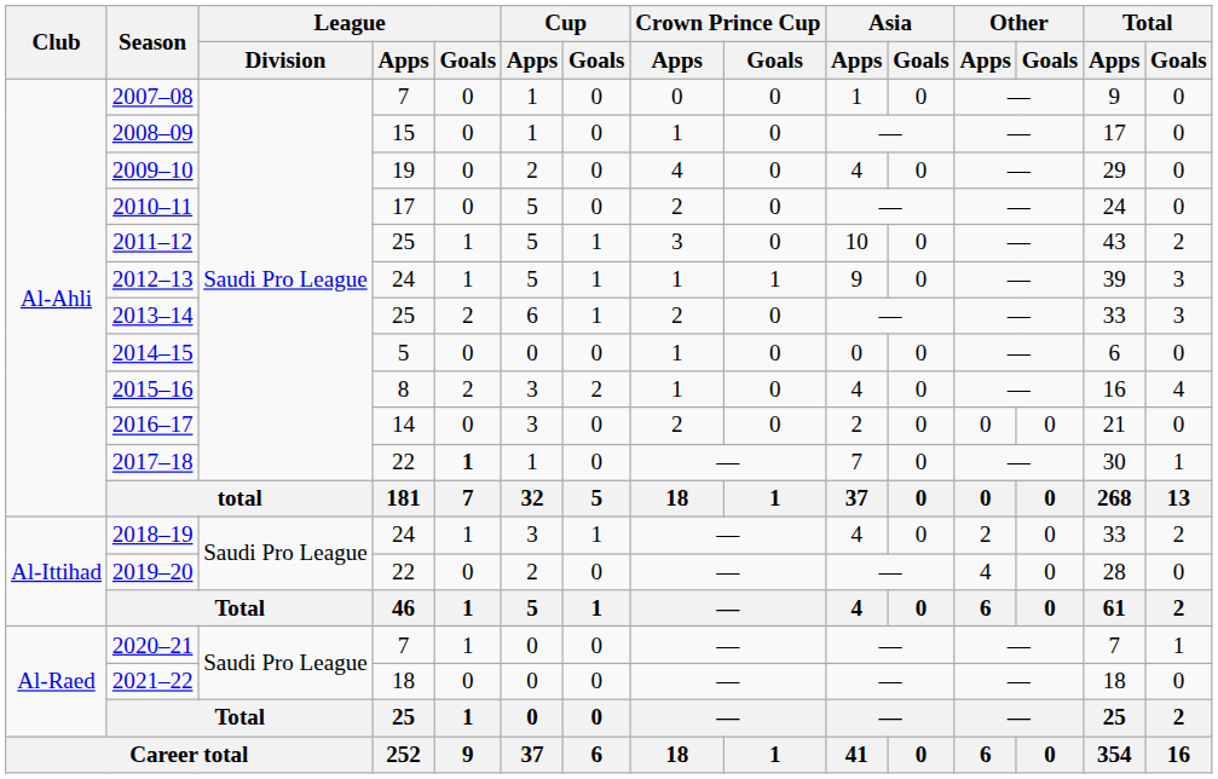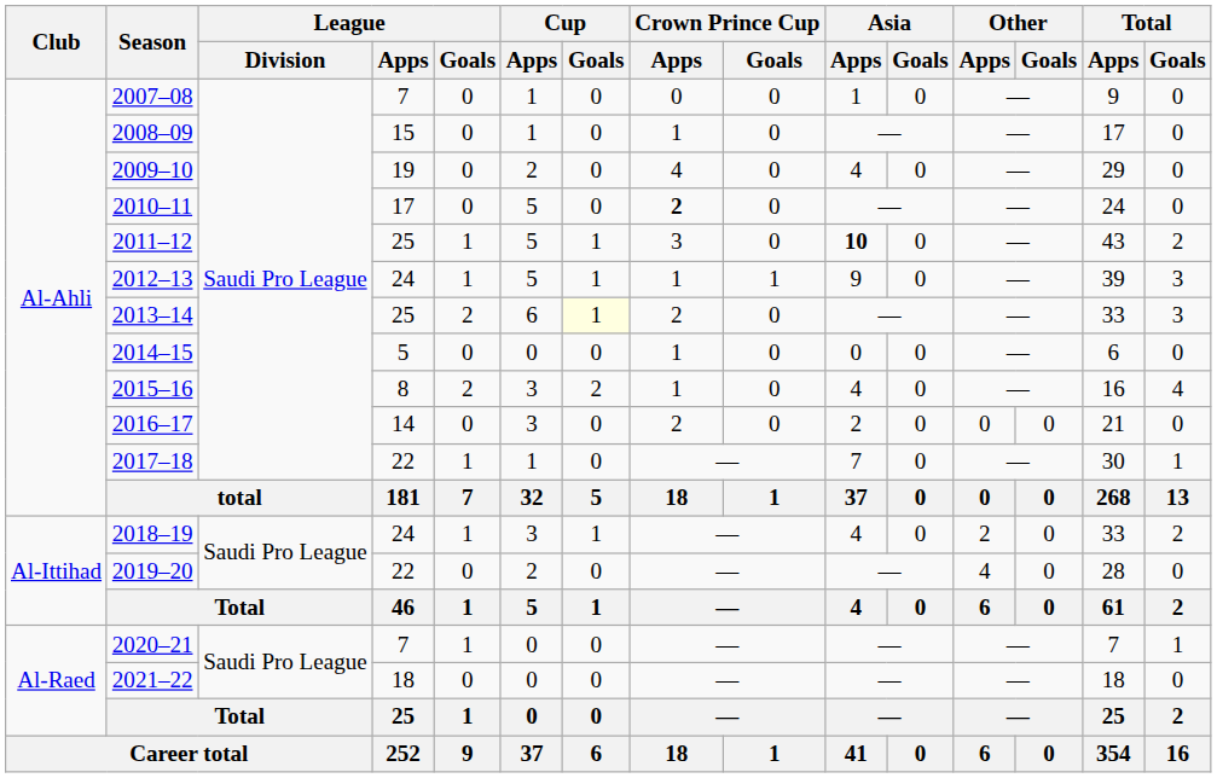 <table class="wikitable" style="text-align: center">
 <tr>
 <th rowspan=2>Club</th>
 <th rowspan=2>Season</th>
 <th colspan=3>League</th>
 <th colspan=2>Cup</th>
 <th colspan=2>Crown Prince Cup</th>
 <th colspan=2>Asia</th>
 <th colspan=2>Other</th>
 <th colspan=2>Total</th>
 </tr>
 <tr>
 <th>Division</th>
 <th>Apps</th>
 <th>Goals</th>
 <th>Apps</th>
 <th>Goals</th>
 <th>Apps</th>
 <th>Goals</th>
 <th>Apps</th>
 <th>Goals</th>
 <th>Apps</th>
 <th>Goals</th>
 <th>Apps</th>
 <th>Goals</th>
 </tr>
 <tr>
 <td rowspan=12><a href='#'>Al-Ahli</a></td>
 <td><a href='#'>2007–08</a></td>
 <td rowspan=11><a href='#'>Saudi Pro League</a></td>
 <td>7</td>
 <td>0</td>
 <td>1</td>
 <td>0</td>
 <td>0</td>
 <td>0</td>
 <td>1</td>
 <td>0</td>
 <td colspan=2>—</td>
 <td>9</td>
 <td>0</td>
 </tr>
 <tr>
 <td><a href='#'>2008–09</a></td>
 <td>15</td>
 <td>0</td>
 <td>1</td>
 <td>0</td>
 <td>1</td>
 <td>0</td>
 <td colspan=2>—</td>
 <td colspan=2>—</td>
 <td>17</td>
 <td>0</td>
 </tr>
 <tr>
 <td><a href='#'>2009–10</a></td>
 <td>19</td>
 <td>0</td>
 <td>2</td>
 <td>0</td>
 <td>4</td>
 <td>0</td>
 <td>4</td>
 <td>0</td>
 <td colspan=2>—</td>
 <td>29</td>
 <td>0</td>
 </tr>
 <tr>
 <td><a href='#'>2010–11</a></td>
 <td>17</td>
 <td>0</td>
 <td>5</td>
 <td>0</td>
-<td>2</td>
+<td><strong>2</strong></td>
 <td>0</td>
 <td colspan=2>—</td>
 <td colspan=2>—</td>
 <td>24</td>
 <td>0</td>
 </tr>
 <tr>
 <td><a href='#'>2011–12</a></td>
 <td>25</td>
 <td>1</td>
 <td>5</td>
 <td>1</td>
 <td>3</td>
 <td>0</td>
-<td>10</td>
+<td><strong>10</strong></td>
 <td>0</td>
 <td colspan=2>—</td>
 <td>43</td>
 <td>2</td>
 </tr>
 <tr>
 <td><a href='#'>2012–13</a></td>
 <td>24</td>
 <td>1</td>
 <td>5</td>
 <td>1</td>
 <td>1</td>
 <td>1</td>
 <td>9</td>
 <td>0</td>
 <td colspan=2>—</td>
 <td>39</td>
 <td>3</td>
 </tr>
 <tr>
 <td><a href='#'>2013–14</a></td>
 <td>25</td>
 <td>2</td>
 <td>6</td>
-<td>1</td>
+<td style="background: lightyellow;">1</td>
 <td>2</td>
 <td>0</td>
 <td colspan=2>—</td>
 <td colspan=2>—</td>
 <td>33</td>
 <td>3</td>
 </tr>
 <tr>
 <td><a href='#'>2014–15</a></td>
 <td>5</td>
 <td>0</td>
 <td>0</td>
 <td>0</td>
 <td>1</td>
 <td>0</td>
 <td>0</td>
 <td>0</td>
 <td colspan=2>—</td>
 <td>6</td>
 <td>0</td>
 </tr>
 <tr>
 <td><a href='#'>2015–16</a></td>
 <td>8</td>
 <td>2</td>
 <td>3</td>
 <td>2</td>
 <td>1</td>
 <td>0</td>
 <td>4</td>
 <td>0</td>
 <td colspan=2>—</td>
 <td>16</td>
 <td>4</td>
 </tr>
 <tr>
 <td><a href='#'>2016–17</a></td>
 <td>14</td>
 <td>0</td>
 <td>3</td>
 <td>0</td>
 <td>2</td>
 <td>0</td>
 <td>2</td>
 <td>0</td>
 <td>0</td>
 <td>0</td>
 <td>21</td>
 <td>0</td>
 </tr>
 <tr>
 <td><a href='#'>2017–18</a></td>
 <td>22</td>
-<td><strong>1</strong></td>
+<td>1</td>
 <td>1</td>
 <td>0</td>
 <td colspan=2>—</td>
 <td>7</td>
 <td>0</td>
 <td colspan=2>—</td>
 <td>30</td>
 <td>1</td>
 </tr>
 <tr>
 <th colspan=2>total</th>
 <th>181</th>
 <th>7</th>
 <th>32</th>
 <th>5</th>
 <th>18</th>
 <th>1</th>
 <th>37</th>
 <th>0</th>
 <th>0</th>
 <th>0</th>
 <th>268</th>
 <th>13</th>
 </tr>
 <tr>
 <td rowspan=3><a href='#'>Al-Ittihad</a></td>
 <td><a href='#'>2018–19</a></td>
 <td rowspan=2>Saudi Pro League</td>
 <td>24</td>
 <td>1</td>
 <td>3</td>
 <td>1</td>
 <td colspan=2>—</td>
 <td>4</td>
 <td>0</td>
 <td>2</td>
 <td>0</td>
 <td>33</td>
 <td>2</td>
 </tr>
 <tr>
 <td><a href='#'>2019–20</a></td>
 <td>22</td>
 <td>0</td>
 <td>2</td>
 <td>0</td>
 <td colspan=2>—</td>
 <td colspan=2>—</td>
 <td>4</td>
 <td>0</td>
 <td>28</td>
 <td>0</td>
 </tr>
 <tr>
 <th colspan=2>Total</th>
 <th>46</th>
 <th>1</th>
 <th>5</th>
 <th>1</th>
 <th colspan=2>—</th>
 <th>4</th>
 <th>0</th>
 <th>6</th>
 <th>0</th>
 <th>61</th>
 <th>2</th>
 </tr>
 <tr>
 <td rowspan=3><a href='#'>Al-Raed</a></td>
 <td><a href='#'>2020–21</a></td>
 <td rowspan=2>Saudi Pro League</td>
 <td>7</td>
 <td>1</td>
 <td>0</td>
 <td>0</td>
 <td colspan=2>—</td>
 <td colspan=2>—</td>
 <td colspan=2>—</td>
 <td>7</td>
 <td>1</td>
 </tr>
 <tr>
 <td><a href='#'>2021–22</a></td>
 <td>18</td>
 <td>0</td>
 <td>0</td>
 <td>0</td>
 <td colspan=2>—</td>
 <td colspan=2>—</td>
 <td colspan=2>—</td>
 <td>18</td>
 <td>0</td>
 </tr>
 <tr>
 <th colspan=2>Total</th>
 <th>25</th>
 <th>1</th>
 <th>0</th>
 <th>0</th>
 <th colspan=2>—</th>
 <th colspan=2>—</th>
 <th colspan=2>—</th>
 <th>25</th>
 <th>2</th>
 </tr>
 <tr>
 <th colspan=3>Career total</th>
 <th>252</th>
 <th>9</th>
 <th>37</th>
 <th>6</th>
 <th>18</th>
 <th>1</th>
 <th>41</th>
 <th>0</th>
 <th>6</th>
 <th>0</th>
 <th>354</th>
 <th>16</th>
 </tr>
 </table>
